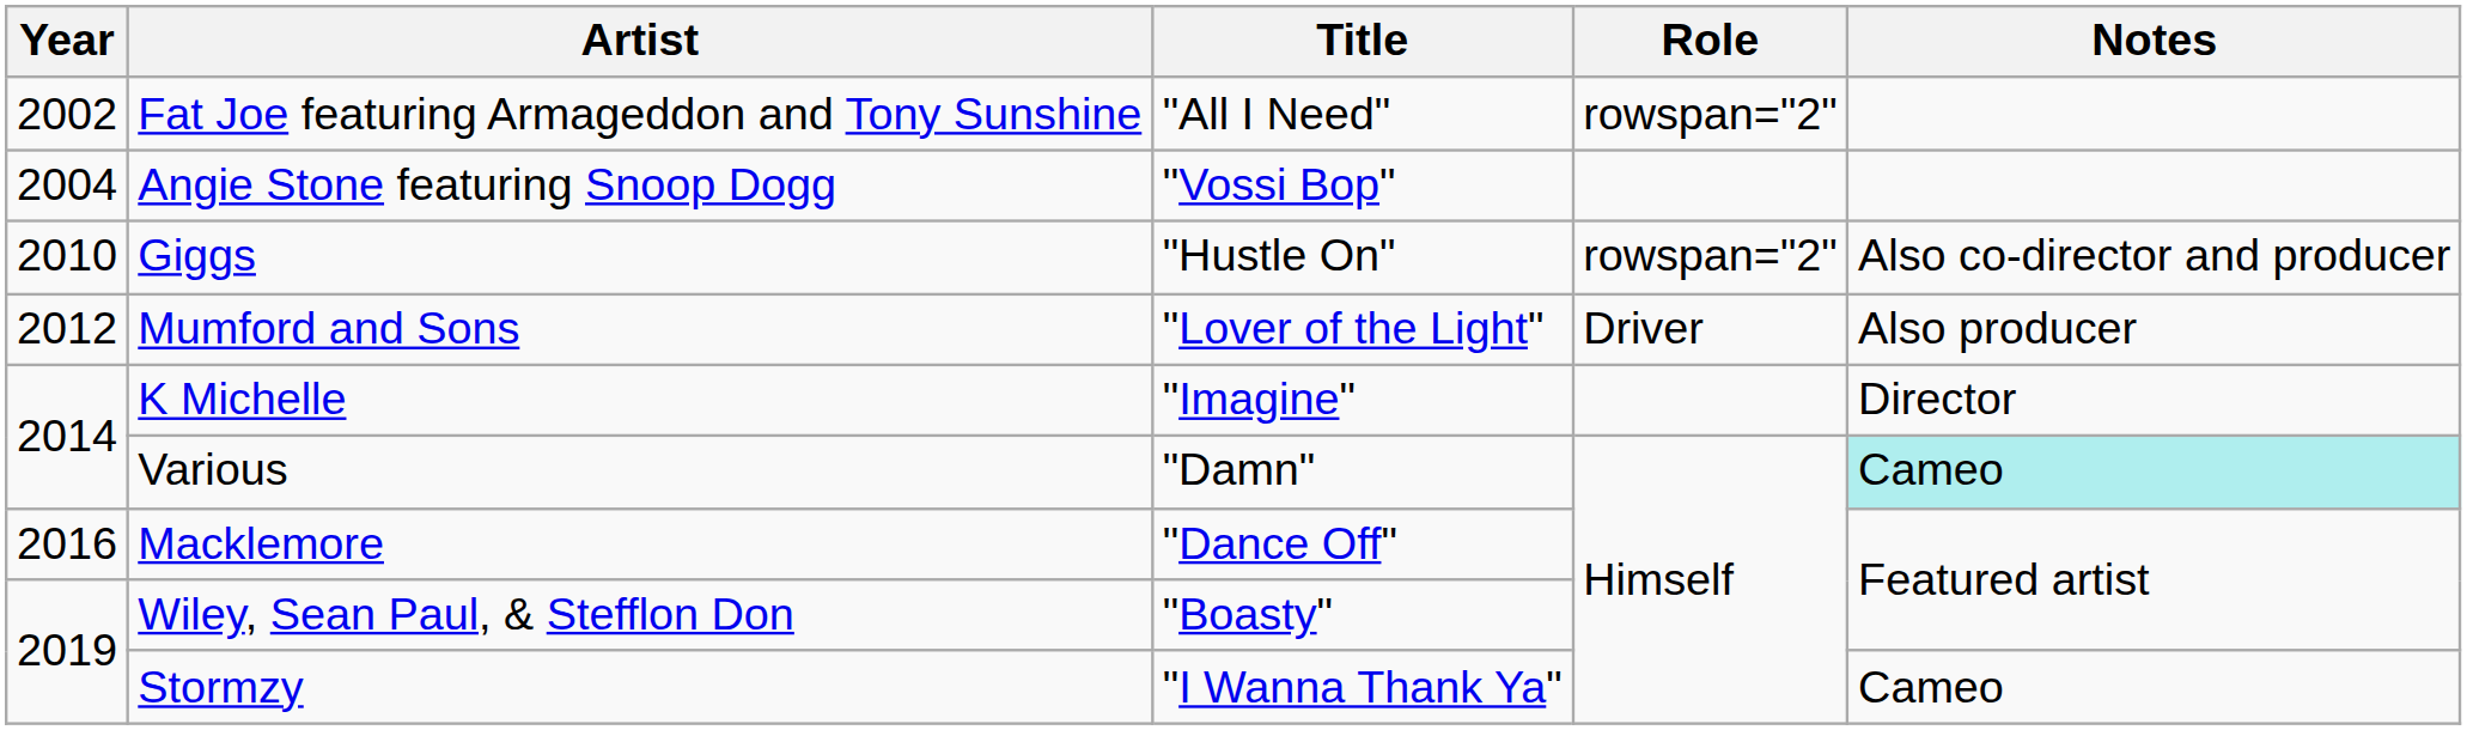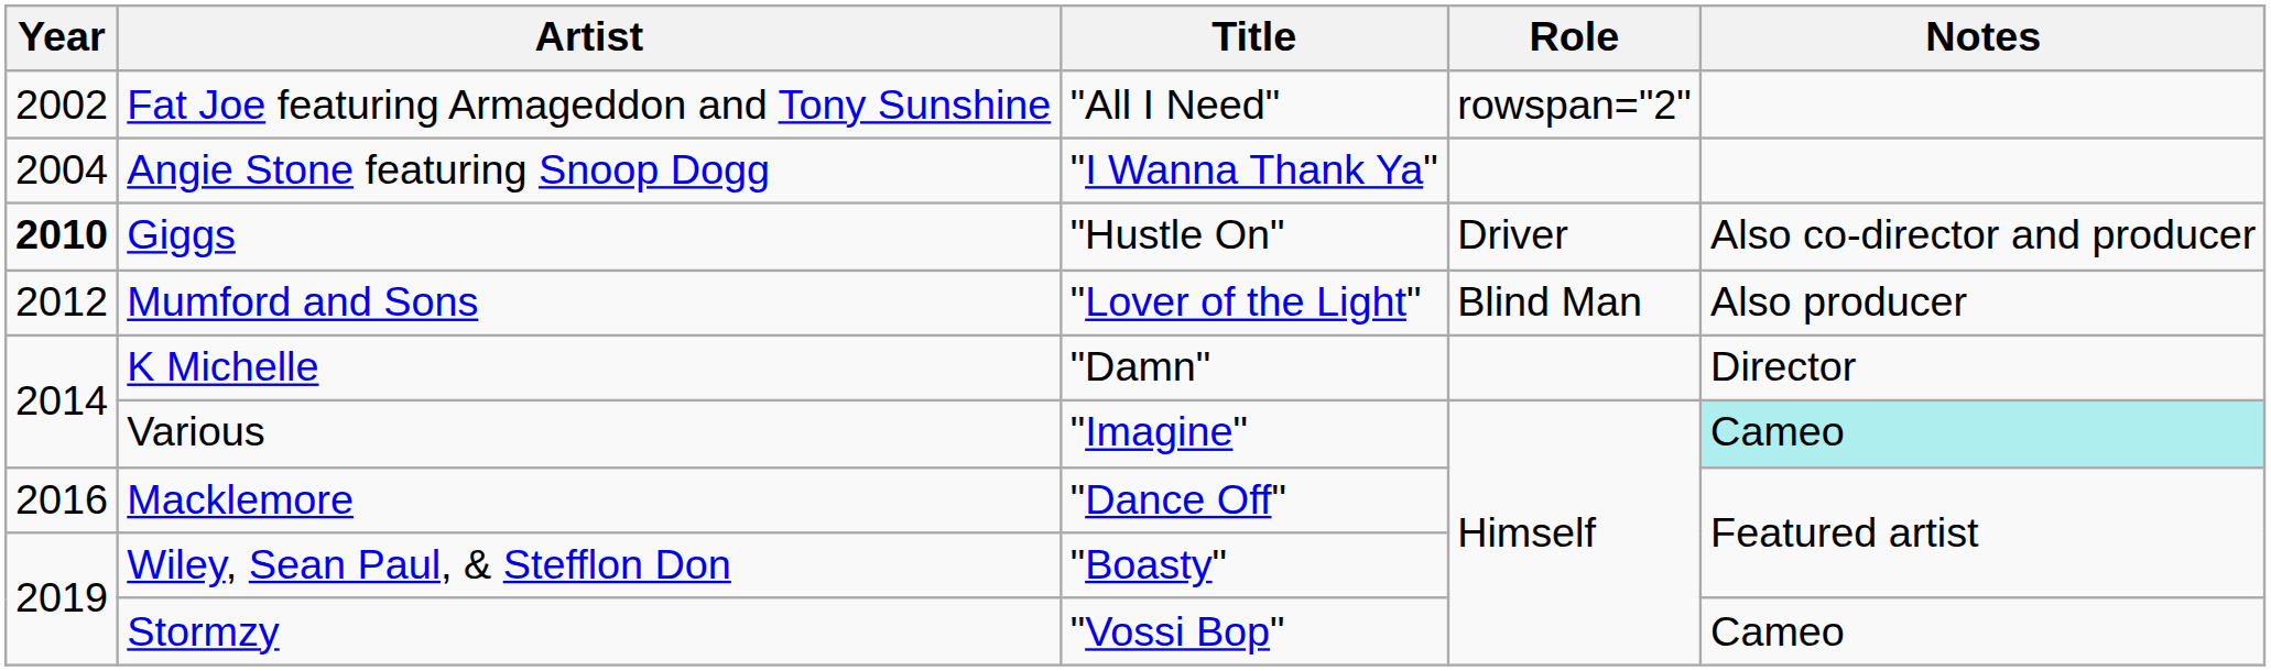 <table class="wikitable sortable">
 <tr>
 <th>Year</th>
 <th>Artist</th>
 <th>Title</th>
 <th>Role</th>
 <th class="unsortable">Notes</th>
 </tr>
 <tr>
 <td>2002</td>
 <td><a href='#'>Fat Joe</a> featuring Armageddon and <a href='#'>Tony Sunshine</a></td>
 <td>"All I Need"</td>
 <td>rowspan="2" </td>
 <td></td>
 </tr>
 <tr>
 <td>2004</td>
 <td><a href='#'>Angie Stone</a> featuring <a href='#'>Snoop Dogg</a></td>
-<td>"<a href='#'>Vossi Bop</a>"</td>
+<td>"<a href='#'>I Wanna Thank Ya</a>"</td>
 <td></td>
 </tr>
 <tr>
-<td>2010</td>
+<td><strong>2010</strong></td>
 <td><a href='#'>Giggs</a></td>
 <td>"Hustle On"</td>
-<td>rowspan="2" </td>
+<td>Driver</td>
 <td>Also co-director and producer</td>
 </tr>
 <tr>
 <td>2012</td>
 <td><a href='#'>Mumford and Sons</a></td>
 <td>"<a href='#'>Lover of the Light</a>"</td>
-<td>Driver</td>
+<td>Blind Man</td>
 <td>Also producer</td>
 </tr>
 <tr>
 <td rowspan="2">2014</td>
 <td><a href='#'>K Michelle</a></td>
-<td>"<a href='#'>Imagine</a>" </td>
+<td>"Damn"</td>
 <td></td>
 <td>Director</td>
 </tr>
 <tr>
 <td>Various</td>
-<td>"Damn"</td>
+<td>"<a href='#'>Imagine</a>" </td>
 <td rowspan="4">Himself</td>
 <td style="background: paleturquoise;">Cameo</td>
 </tr>
 <tr>
 <td>2016</td>
 <td><a href='#'>Macklemore</a></td>
 <td>"<a href='#'>Dance Off</a>"</td>
 <td rowspan="2">Featured artist</td>
 </tr>
 <tr>
 <td rowspan="2">2019</td>
 <td><a href='#'>Wiley</a>, <a href='#'>Sean Paul</a>, & <a href='#'>Stefflon Don</a></td>
 <td>"<a href='#'>Boasty</a>"</td>
 </tr>
 <tr>
 <td><a href='#'>Stormzy</a></td>
-<td>"<a href='#'>I Wanna Thank Ya</a>"</td>
+<td>"<a href='#'>Vossi Bop</a>"</td>
 <td>Cameo</td>
 </tr>
 </table>
